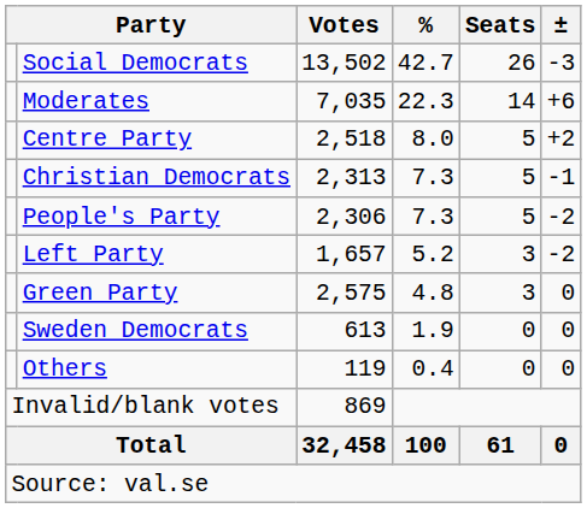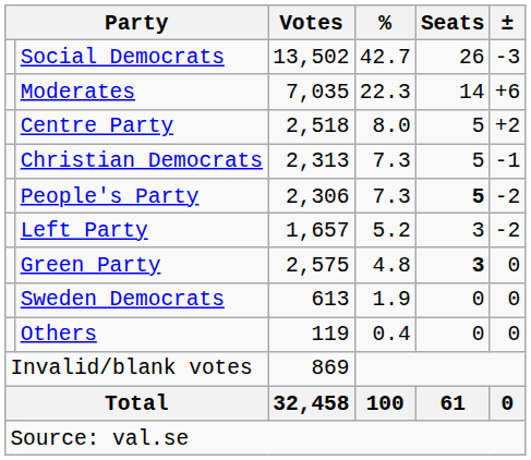 <table class=wikitable style=text-align:right>
 <tr>
 <th colspan=2>Party</th>
 <th>Votes</th>
 <th>%</th>
 <th>Seats</th>
 <th>±</th>
 </tr>
 <tr>
 <td bgcolor=></td>
 <td align=left><a href='#'>Social Democrats</a></td>
 <td>13,502</td>
 <td>42.7</td>
 <td>26</td>
 <td>-3</td>
 </tr>
 <tr>
 <td bgcolor=></td>
 <td align=left><a href='#'>Moderates</a></td>
 <td>7,035</td>
 <td>22.3</td>
 <td>14</td>
 <td>+6</td>
 </tr>
 <tr>
 <td bgcolor=></td>
 <td align=left><a href='#'>Centre Party</a></td>
 <td>2,518</td>
 <td>8.0</td>
 <td>5</td>
 <td>+2</td>
 </tr>
 <tr>
 <td bgcolor=></td>
 <td align=left><a href='#'>Christian Democrats</a></td>
 <td>2,313</td>
 <td>7.3</td>
 <td>5</td>
 <td>-1</td>
 </tr>
 <tr>
 <td bgcolor=></td>
 <td align=left><a href='#'>People's Party</a></td>
 <td>2,306</td>
 <td>7.3</td>
-<td>5</td>
+<td><strong>5</strong></td>
 <td>-2</td>
 </tr>
 <tr>
 <td bgcolor=></td>
 <td align=left><a href='#'>Left Party</a></td>
 <td>1,657</td>
 <td>5.2</td>
 <td>3</td>
 <td>-2</td>
 </tr>
 <tr>
 <td bgcolor=></td>
 <td align=left><a href='#'>Green Party</a></td>
 <td>2,575</td>
 <td>4.8</td>
-<td>3</td>
+<td><strong>3</strong></td>
 <td>0</td>
 </tr>
 <tr>
 <td bgcolor=></td>
 <td align=left><a href='#'>Sweden Democrats</a></td>
 <td>613</td>
 <td>1.9</td>
 <td>0</td>
 <td>0</td>
 </tr>
 <tr>
 <td></td>
 <td align=left><a href='#'>Others</a></td>
 <td>119</td>
 <td>0.4</td>
 <td>0</td>
 <td>0</td>
 </tr>
 <tr>
 <td align=left colspan=2>Invalid/blank votes</td>
 <td>869</td>
 <td colspan=3></td>
 </tr>
 <tr>
 <th align=left colspan=2>Total</th>
 <th>32,458</th>
 <th>100</th>
 <th>61</th>
 <th>0</th>
 </tr>
 <tr>
 <td align=left colspan=6>Source: val.se </td>
 </tr>
 </table>
